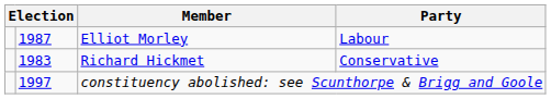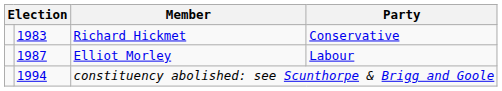 <table class="wikitable">
 <tr>
 <th colspan="2">Election</th>
 <th>Member</th>
 <th>Party</th>
 </tr>
 <tr>
 <td style="color:inherit;background-color: "></td>
+<td><a href='#'>1983</a></td>
+<td><a href='#'>Richard Hickmet</a></td>
+<td><a href='#'>Conservative</a></td>
+</tr>
+<tr>
+<td style="color:inherit;background-color: "></td>
 <td><a href='#'>1987</a></td>
 <td><a href='#'>Elliot Morley</a></td>
 <td><a href='#'>Labour</a></td>
 </tr>
 <tr>
-<td style="color:inherit;background-color: "></td>
-<td><a href='#'>1983</a></td>
-<td><a href='#'>Richard Hickmet</a></td>
-<td><a href='#'>Conservative</a></td>
-</tr>
-<tr>
 <td></td>
-<td><a href='#'>1997</a></td>
+<td><a href='#'>1994</a></td>
 <td colspan="2"><em>constituency abolished: see <a href='#'>Scunthorpe</a> & <a href='#'>Brigg and Goole</a> </em></td>
 </tr>
 </table>
